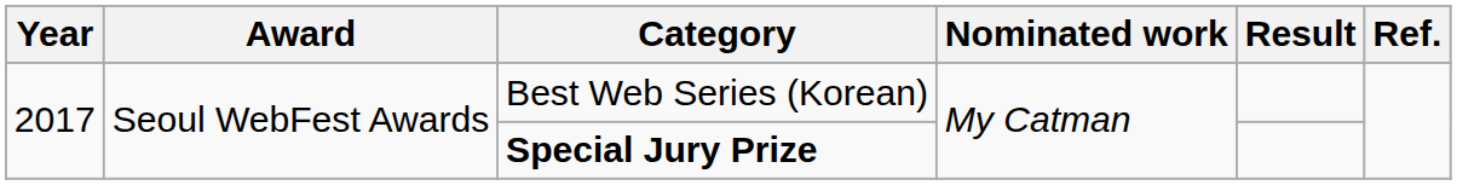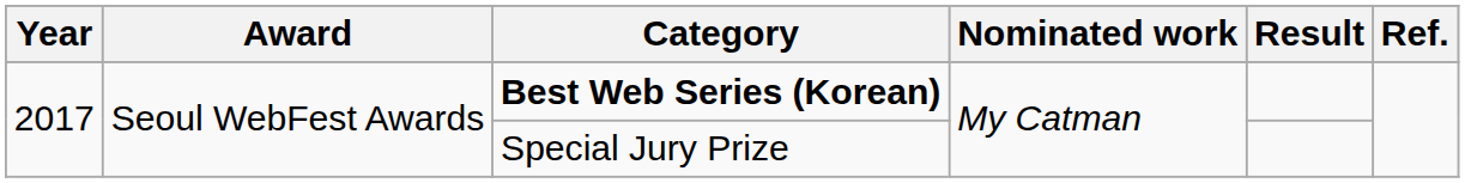 <table class="wikitable">
 <tr style="background: #b0c4de; text-align:center;">
 <th>Year</th>
 <th>Award</th>
 <th>Category</th>
 <th>Nominated work</th>
 <th>Result</th>
 <th>Ref.</th>
 </tr>
 <tr>
 <td rowspan=2>2017</td>
 <td rowspan=2>Seoul WebFest Awards</td>
-<td>Best Web Series (Korean)</td>
+<td><strong>Best Web Series (Korean)</strong></td>
 <td rowspan=2><em>My Catman</em></td>
 <td></td>
 <td rowspan=2></td>
 </tr>
 <tr>
-<td><strong>Special Jury Prize</strong></td>
+<td>Special Jury Prize</td>
 <td></td>
 </tr>
 </table>
